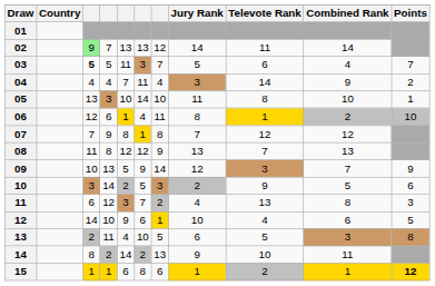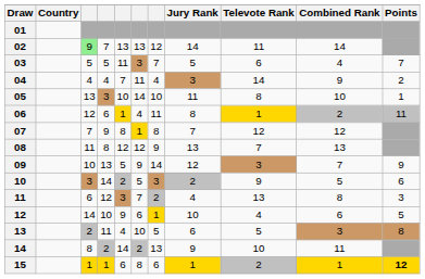 <table class="sortable wikitable collapsible plainrowheaders" style="text-align:center;">
 <tr>
 </tr>
 <tr>
 <th scope="col">Draw</th>
 <th scope="col">Country</th>
 <th scope="col"><small></small></th>
 <th scope="col"><small></small></th>
 <th scope="col"><small></small></th>
 <th scope="col"><small></small></th>
 <th scope="col"><small></small></th>
 <th scope="col">Jury Rank</th>
 <th scope="col">Televote Rank</th>
 <th scope="col">Combined Rank</th>
 <th scope="col">Points</th>
 </tr>
 <tr class="sortbottom">
 <th scope="row" style="text-align:center;">01</th>
 <td style="text-align:left;"></td>
 <td style="background:#AAAAAA;"></td>
 <td style="background:#AAAAAA;"></td>
 <td style="background:#AAAAAA;"></td>
 <td style="background:#AAAAAA;"></td>
 <td style="background:#AAAAAA;"></td>
 <td style="background:#AAAAAA;"></td>
 <td style="background:#AAAAAA;"></td>
 <td style="background:#AAAAAA;"></td>
 <td style="background:#AAAAAA;"></td>
 </tr>
 <tr>
 <th scope="row" style="text-align:center;">02</th>
 <td style="text-align:left;"></td>
 <td style="background: lightgreen;">9</td>
 <td>7</td>
 <td>13</td>
 <td>13</td>
 <td>12</td>
 <td>14</td>
 <td>11</td>
 <td>14</td>
 <td style="background:#AAAAAA;"></td>
 </tr>
 <tr>
 <th scope="row" style="text-align:center;">03</th>
 <td style="text-align:left;"></td>
-<td><strong>5</strong></td>
+<td>5</td>
 <td>5</td>
 <td>11</td>
 <td style="background:#CC9966;">3</td>
 <td>7</td>
 <td>5</td>
 <td>6</td>
 <td>4</td>
 <td>7</td>
 </tr>
 <tr>
 <th scope="row" style="text-align:center;">04</th>
 <td style="text-align:left;"></td>
 <td>4</td>
 <td>4</td>
 <td>7</td>
 <td>11</td>
 <td>4</td>
 <td style="background:#CC9966;">3</td>
 <td>14</td>
 <td>9</td>
 <td>2</td>
 </tr>
 <tr>
 <th scope="row" style="text-align:center;">05</th>
 <td style="text-align:left;"></td>
 <td>13</td>
 <td style="background:#CC9966;">3</td>
 <td>10</td>
 <td>14</td>
 <td>10</td>
 <td>11</td>
 <td>8</td>
 <td>10</td>
 <td>1</td>
 </tr>
 <tr>
 <th scope="row" style="text-align:center;">06</th>
 <td style="text-align:left;"></td>
 <td>12</td>
 <td>6</td>
 <td style="background:gold;">1</td>
 <td>4</td>
 <td>11</td>
 <td>8</td>
 <td style="background:gold;">1</td>
 <td style="background:silver;">2</td>
-<td style="background:silver;">10</td>
+<td style="background:silver;">11</td>
 </tr>
 <tr>
 <th scope="row" style="text-align:center;">07</th>
 <td style="text-align:left;"></td>
 <td>7</td>
 <td>9</td>
 <td>8</td>
 <td style="background:gold;">1</td>
 <td>8</td>
 <td>7</td>
 <td>12</td>
 <td>12</td>
 <td style="background:#AAAAAA;"></td>
 </tr>
 <tr>
 <th scope="row" style="text-align:center;">08</th>
 <td style="text-align:left;"></td>
 <td>11</td>
 <td>8</td>
 <td>12</td>
 <td>12</td>
 <td>9</td>
 <td>13</td>
 <td>7</td>
 <td>13</td>
 <td style="background:#AAAAAA;"></td>
 </tr>
 <tr>
 <th scope="row" style="text-align:center;">09</th>
 <td style="text-align:left;"></td>
 <td>10</td>
 <td>13</td>
 <td>5</td>
 <td>9</td>
 <td>14</td>
 <td>12</td>
 <td style="background:#CC9966;">3</td>
 <td>7</td>
 <td>9</td>
 </tr>
 <tr>
 <th scope="row" style="text-align:center;">10</th>
 <td style="text-align:left;"></td>
 <td style="background:#CC9966;">3</td>
 <td>14</td>
 <td style="background:silver;">2</td>
 <td>5</td>
 <td style="background:#CC9966;">3</td>
 <td style="background:silver;">2</td>
 <td>9</td>
 <td>5</td>
 <td>6</td>
 </tr>
 <tr>
 <th scope="row" style="text-align:center;">11</th>
 <td style="text-align:left;"></td>
 <td>6</td>
 <td>12</td>
 <td style="background:#CC9966;">3</td>
 <td>7</td>
 <td style="background:silver;">2</td>
 <td>4</td>
 <td>13</td>
 <td>8</td>
 <td>3</td>
 </tr>
 <tr>
 <th scope="row" style="text-align:center;">12</th>
 <td style="text-align:left;"></td>
 <td>14</td>
 <td>10</td>
 <td>9</td>
 <td>6</td>
 <td style="background:gold;">1</td>
 <td>10</td>
 <td>4</td>
 <td>6</td>
 <td>5</td>
 </tr>
 <tr>
 <th scope="row" style="text-align:center;">13</th>
 <td style="text-align:left;"></td>
 <td style="background:silver;">2</td>
 <td>11</td>
 <td>4</td>
 <td>10</td>
 <td>5</td>
 <td>6</td>
 <td>5</td>
 <td style="background:#CC9966;">3</td>
 <td style="background:#CC9966;">8</td>
 </tr>
 <tr>
 <th scope="row" style="text-align:center;">14</th>
 <td style="text-align:left;"></td>
 <td>8</td>
 <td style="background:silver;">2</td>
 <td>14</td>
 <td style="background:silver;">2</td>
 <td>13</td>
 <td>9</td>
 <td>10</td>
 <td>11</td>
 <td style="background:#AAAAAA;"></td>
 </tr>
 <tr>
 <th scope="row" style="text-align:center;">15</th>
 <td style="text-align:left;"></td>
 <td style="background:gold;">1</td>
 <td style="background:gold;">1</td>
 <td>6</td>
 <td>8</td>
 <td>6</td>
 <td style="background:gold;">1</td>
 <td style="background:silver;">2</td>
 <td style="background:gold;">1</td>
 <td style="background:gold;"><strong>12</strong></td>
 </tr>
 </table>
